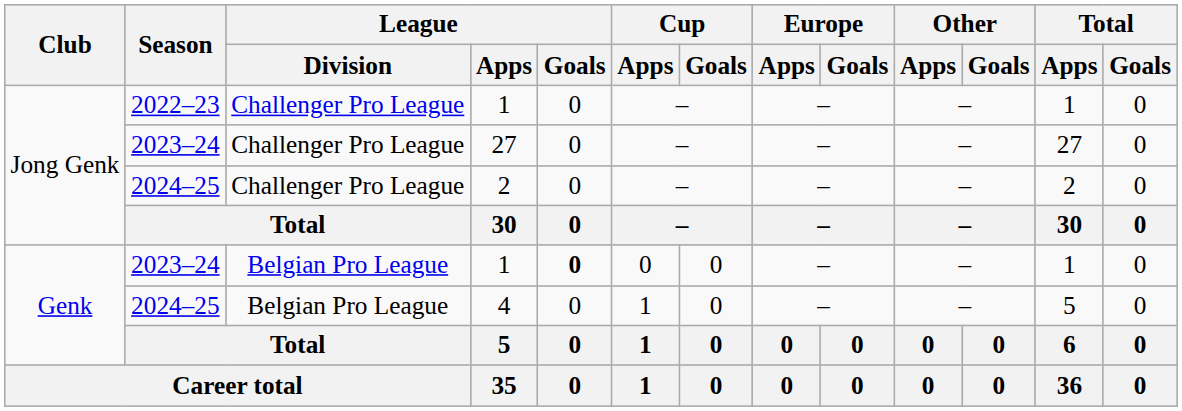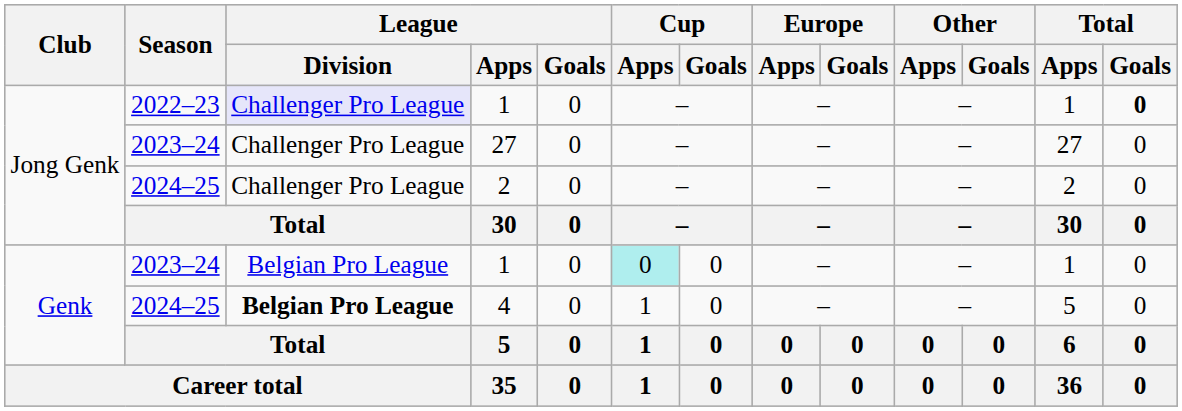 <table class="wikitable" style="text-align:center">
 <tr>
 <th rowspan="2">Club</th>
 <th rowspan="2">Season</th>
 <th colspan="3">League</th>
 <th colspan="2">Cup</th>
 <th colspan="2">Europe</th>
 <th colspan="2">Other</th>
 <th colspan="2">Total</th>
 </tr>
 <tr>
 <th>Division</th>
 <th>Apps</th>
 <th>Goals</th>
 <th>Apps</th>
 <th>Goals</th>
 <th>Apps</th>
 <th>Goals</th>
 <th>Apps</th>
 <th>Goals</th>
 <th>Apps</th>
 <th>Goals</th>
 </tr>
 <tr>
 <td rowspan="4">Jong Genk</td>
 <td><a href='#'>2022–23</a></td>
-<td><a href='#'>Challenger Pro League</a></td>
+<td style="background: lavender;"><a href='#'>Challenger Pro League</a></td>
 <td>1</td>
 <td>0</td>
 <td colspan="2">–</td>
 <td colspan="2">–</td>
 <td colspan="2">–</td>
 <td>1</td>
-<td>0</td>
+<td><strong>0</strong></td>
 </tr>
 <tr>
 <td><a href='#'>2023–24</a></td>
 <td>Challenger Pro League</td>
 <td>27</td>
 <td>0</td>
 <td colspan="2">–</td>
 <td colspan="2">–</td>
 <td colspan="2">–</td>
 <td>27</td>
 <td>0</td>
 </tr>
 <tr>
 <td><a href='#'>2024–25</a></td>
 <td>Challenger Pro League</td>
 <td>2</td>
 <td>0</td>
 <td colspan="2">–</td>
 <td colspan="2">–</td>
 <td colspan="2">–</td>
 <td>2</td>
 <td>0</td>
 </tr>
 <tr>
 <th colspan="2">Total</th>
 <th>30</th>
 <th>0</th>
 <th colspan="2">–</th>
 <th colspan="2">–</th>
 <th colspan="2">–</th>
 <th>30</th>
 <th>0</th>
 </tr>
 <tr>
 <td rowspan="3"><a href='#'>Genk</a></td>
 <td><a href='#'>2023–24</a></td>
 <td><a href='#'>Belgian Pro League</a></td>
 <td>1</td>
-<td><strong>0</strong></td>
 <td>0</td>
+<td style="background: paleturquoise;">0</td>
 <td>0</td>
 <td colspan="2">–</td>
 <td colspan="2">–</td>
 <td>1</td>
 <td>0</td>
 </tr>
 <tr>
 <td><a href='#'>2024–25</a></td>
-<td>Belgian Pro League</td>
+<td><strong>Belgian Pro League</strong></td>
 <td>4</td>
 <td>0</td>
 <td>1</td>
 <td>0</td>
 <td colspan="2">–</td>
 <td colspan="2">–</td>
 <td>5</td>
 <td>0</td>
 </tr>
 <tr>
 <th colspan="2">Total</th>
 <th>5</th>
 <th>0</th>
 <th>1</th>
 <th>0</th>
 <th>0</th>
 <th>0</th>
 <th>0</th>
 <th>0</th>
 <th>6</th>
 <th>0</th>
 </tr>
 <tr>
 <th colspan="3">Career total</th>
 <th>35</th>
 <th>0</th>
 <th>1</th>
 <th>0</th>
 <th>0</th>
 <th>0</th>
 <th>0</th>
 <th>0</th>
 <th>36</th>
 <th>0</th>
 </tr>
 </table>
